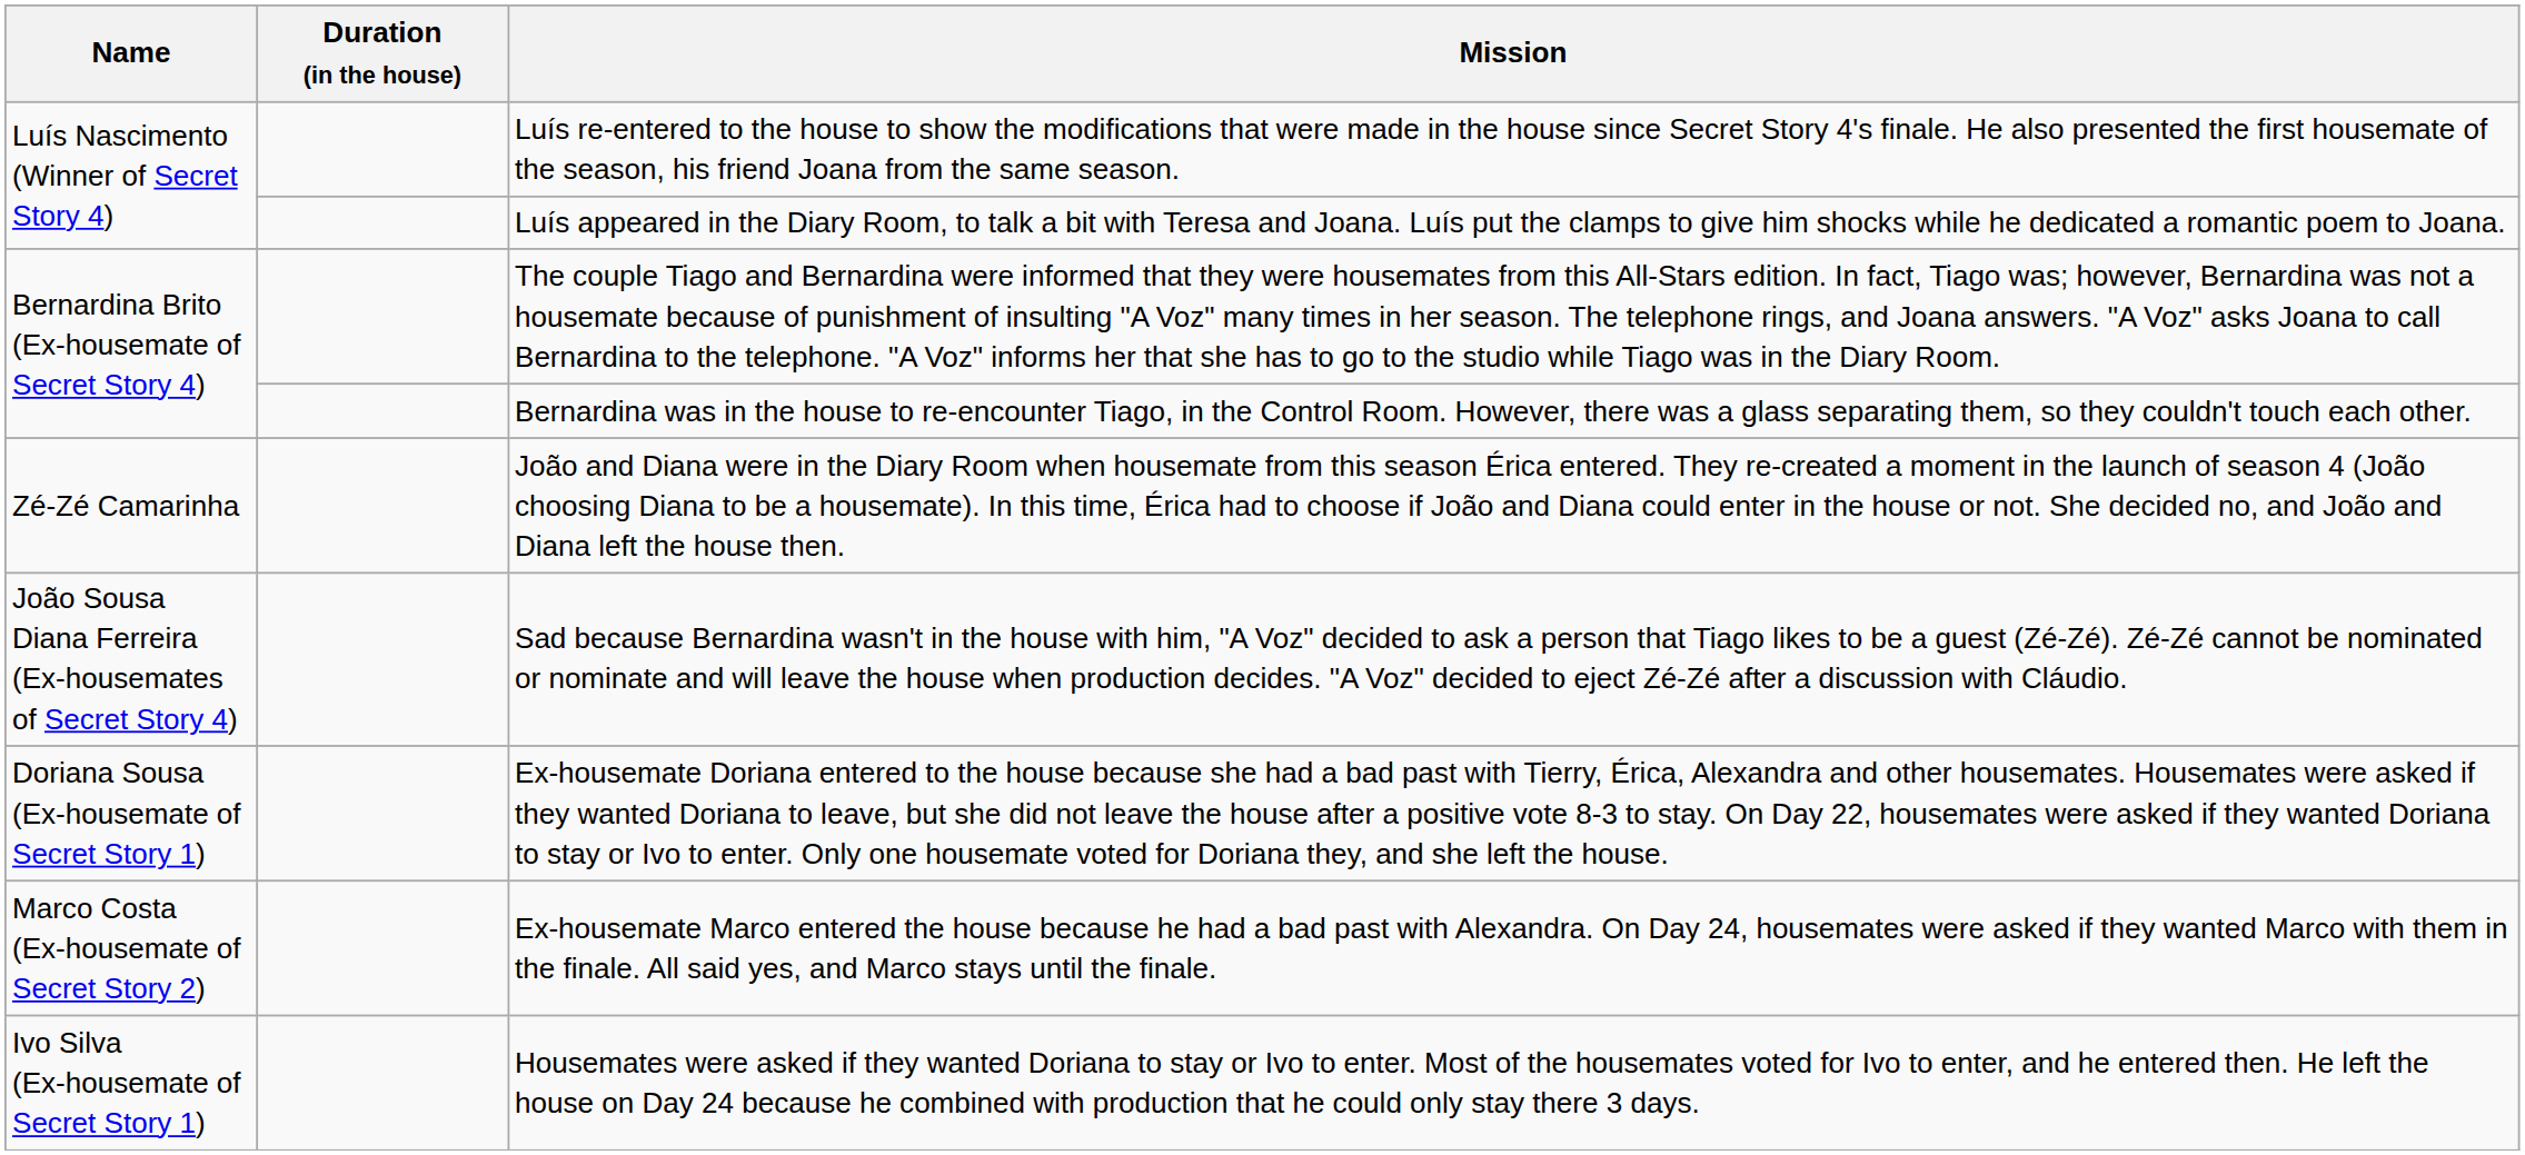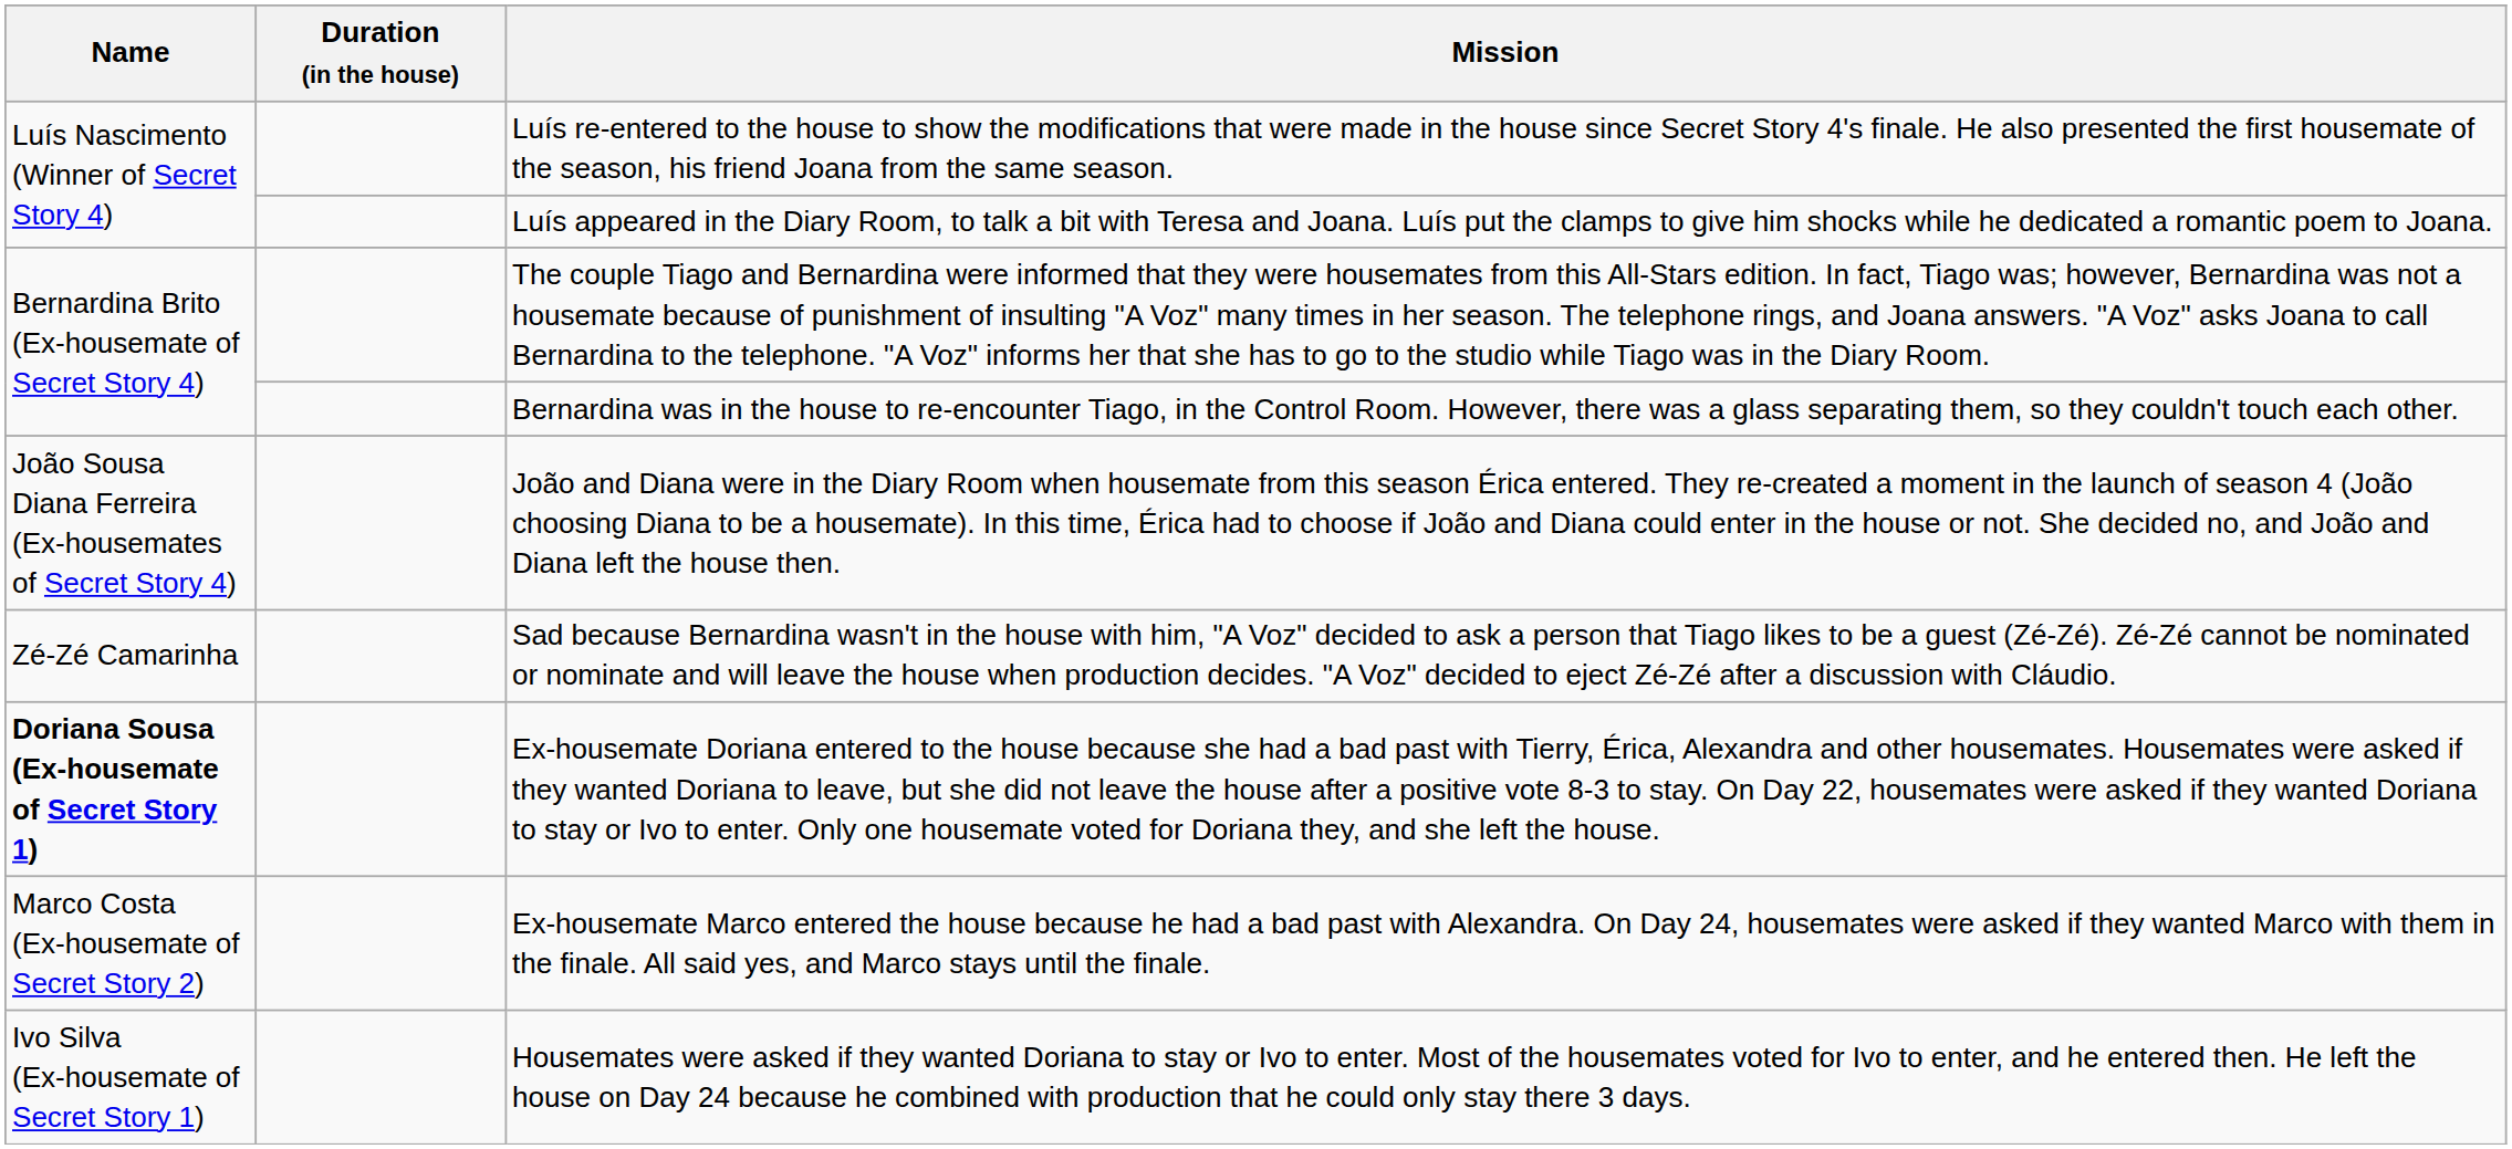 <table class="wikitable" style="font-size:90%; line-height:20px">
 <tr>
 <th style="width:10%">Name</th>
 <th style="width:10%">Duration<br><small>(in the house)</small></th>
 <th style="width:80%">Mission</th>
 </tr>
 <tr>
 <td rowspan=2>Luís Nascimento<br>(Winner of <a href='#'>Secret Story 4</a>)</td>
 <td></td>
 <td>Luís re-entered to the house to show the modifications that were made in the house since Secret Story 4's finale. He also presented the first housemate of the season, his friend Joana from the same season.</td>
 </tr>
 <tr>
 <td></td>
 <td>Luís appeared in the Diary Room, to talk a bit with Teresa and Joana. Luís put the clamps to give him shocks while he dedicated a romantic poem to Joana.</td>
 </tr>
 <tr>
 <td rowspan=2>Bernardina Brito<br>(Ex-housemate of <a href='#'>Secret Story 4</a>)</td>
 <td></td>
 <td>The couple Tiago and Bernardina were informed that they were housemates from this All-Stars edition. In fact, Tiago was; however, Bernardina was not a housemate because of punishment of insulting "A Voz" many times in her season. The telephone rings, and Joana answers. "A Voz" asks Joana to call Bernardina to the telephone. "A Voz" informs her that she has to go to the studio while Tiago was in the Diary Room.</td>
 </tr>
 <tr>
 <td></td>
 <td>Bernardina was in the house to re-encounter Tiago, in the Control Room. However, there was a glass separating them, so they couldn't touch each other.</td>
 </tr>
 <tr>
-<td>Zé-Zé Camarinha<br></td>
+<td>João Sousa<br>Diana Ferreira<br>(Ex-housemates of <a href='#'>Secret Story 4</a>)</td>
 <td></td>
 <td>João and Diana were in the Diary Room when housemate from this season Érica entered. They re-created a moment in the launch of season 4 (João choosing Diana to be a housemate). In this time, Érica had to choose if João and Diana could enter in the house or not. She decided no, and João and Diana left the house then.</td>
 </tr>
 <tr>
-<td>João Sousa<br>Diana Ferreira<br>(Ex-housemates of <a href='#'>Secret Story 4</a>)</td>
+<td>Zé-Zé Camarinha<br></td>
 <td></td>
 <td>Sad because Bernardina wasn't in the house with him, "A Voz" decided to ask a person that Tiago likes to be a guest (Zé-Zé). Zé-Zé cannot be nominated or nominate and will leave the house when production decides. "A Voz" decided to eject Zé-Zé after a discussion with Cláudio.</td>
 </tr>
 <tr>
-<td>Doriana Sousa<br>(Ex-housemate of <a href='#'>Secret Story 1</a>)</td>
+<td><strong>Doriana Sousa<br>(Ex-housemate of <a href='#'>Secret Story 1</a>)</strong></td>
 <td></td>
 <td>Ex-housemate Doriana entered to the house because she had a bad past with Tierry, Érica, Alexandra and other housemates. Housemates were asked if they wanted Doriana to leave, but she did not leave the house after a positive vote 8-3 to stay. On Day 22, housemates were asked if they wanted Doriana to stay or Ivo to enter. Only one housemate voted for Doriana they, and she left the house.</td>
 </tr>
 <tr>
 <td>Marco Costa<br>(Ex-housemate of <a href='#'>Secret Story 2</a>)</td>
 <td></td>
 <td>Ex-housemate Marco entered the house because he had a bad past with  Alexandra. On Day 24, housemates were asked if they wanted Marco with them in the finale. All said yes, and Marco stays until the finale.</td>
 </tr>
 <tr>
 <td>Ivo Silva<br>(Ex-housemate of <a href='#'>Secret Story 1</a>)</td>
 <td></td>
 <td>Housemates were asked if they wanted Doriana to stay or Ivo to enter. Most of the housemates voted for Ivo to enter, and he entered then. He left the house on Day 24 because he combined with production that he could only stay there 3 days.</td>
 </tr>
 </table>
